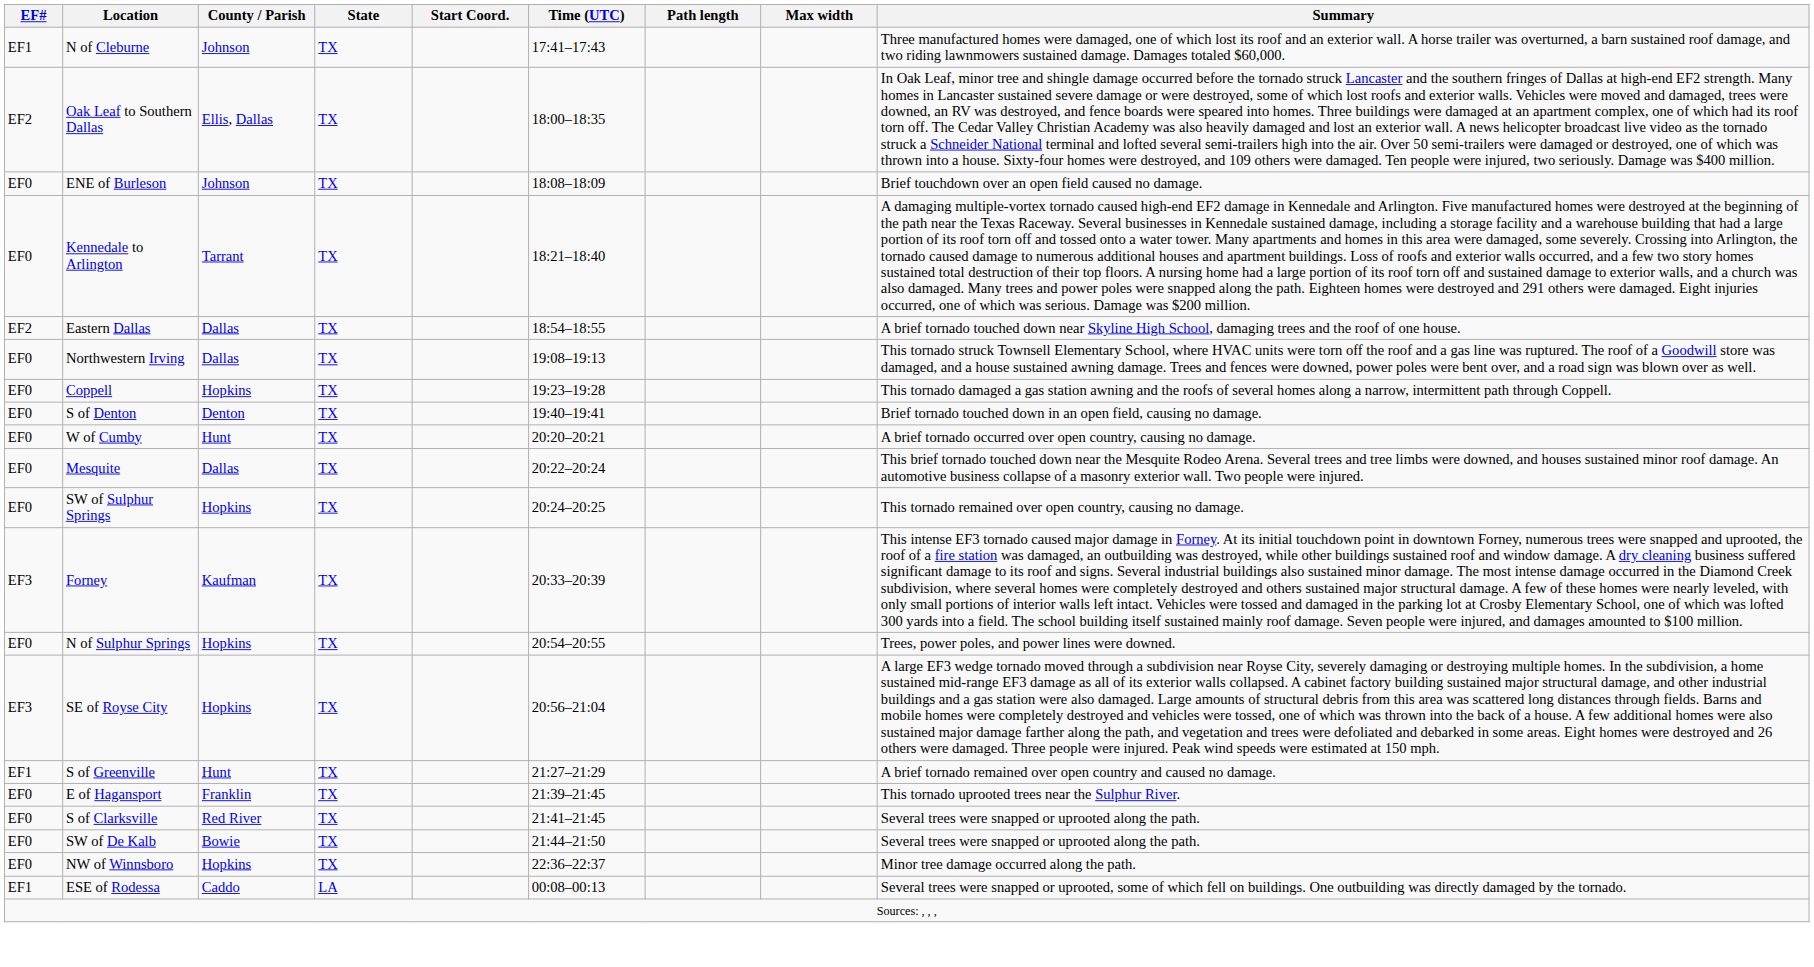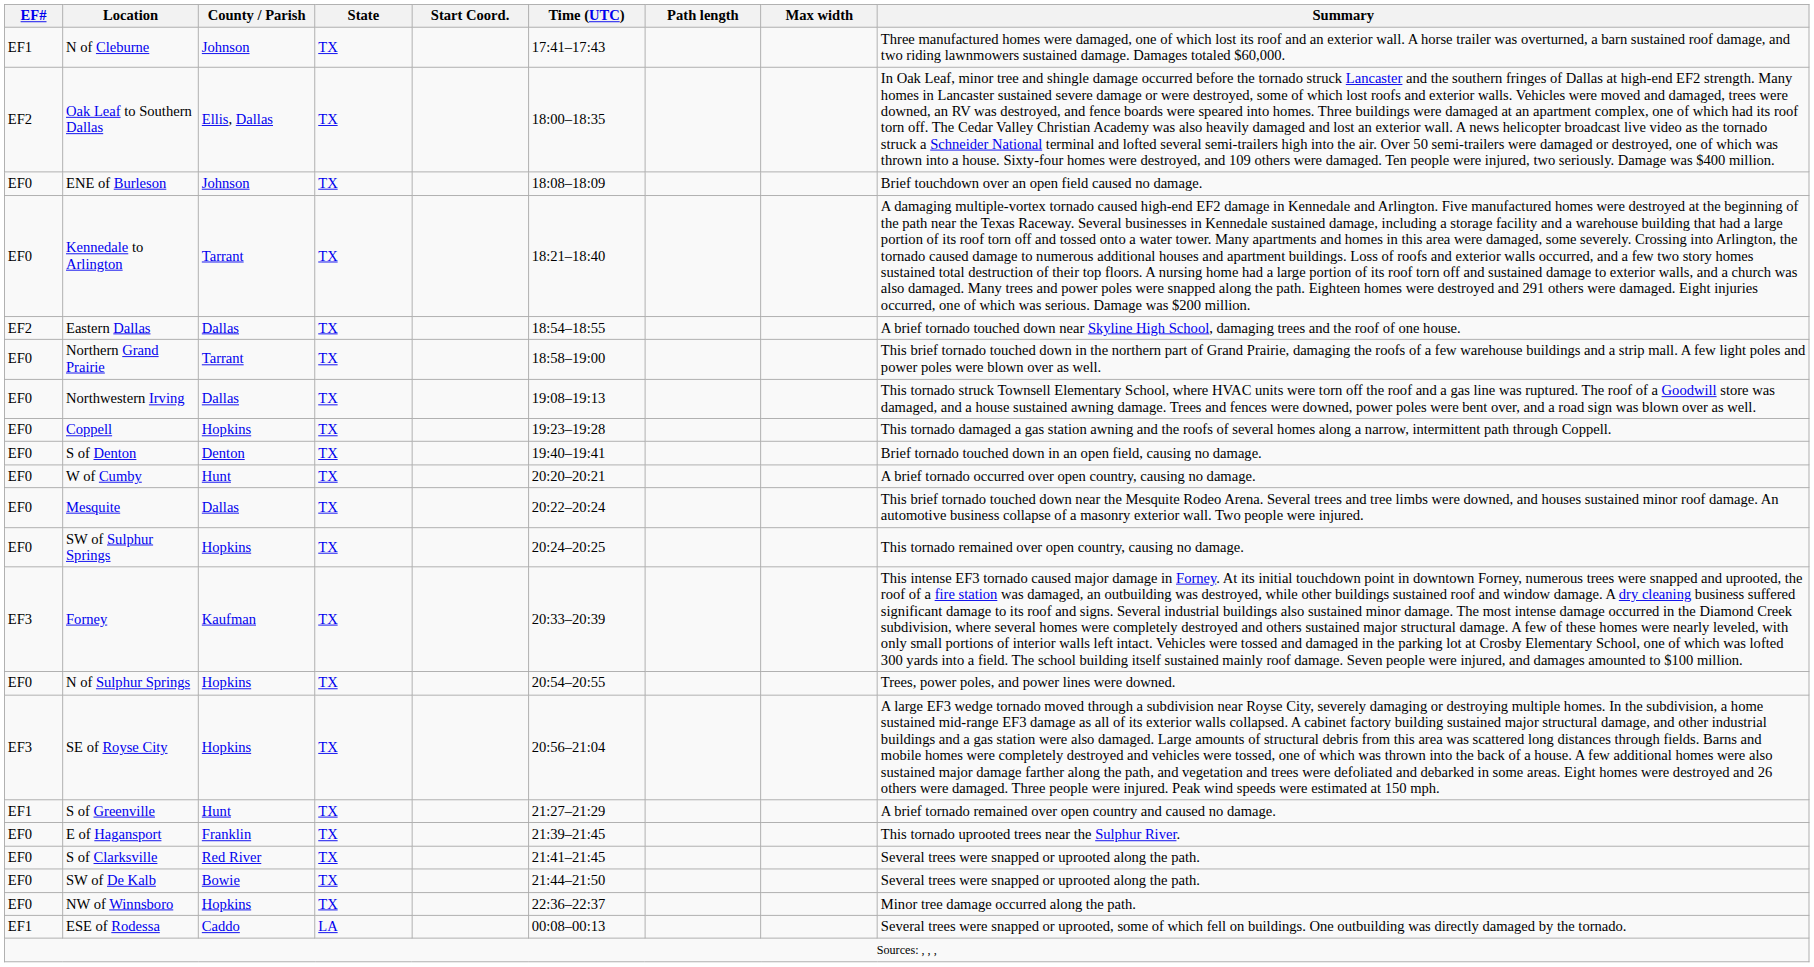 <table class="wikitable sortable" style="width:100%;">
 <tr>
 <th scope="col"  style="width:3%; text-align:center;"><a href='#'>EF#</a></th>
 <th scope="col"  style="width:7%; text-align:center;" class="unsortable">Location</th>
 <th scope="col"  style="width:6%; text-align:center;" class="unsortable">County / Parish</th>
 <th scope="col"  style="width:5%; text-align:center;">State</th>
 <th scope="col"  style="width:6%; text-align:center;">Start Coord.</th>
 <th scope="col"  style="width:6%; text-align:center;">Time (<a href='#'>UTC</a>)</th>
 <th scope="col"  style="width:6%; text-align:center;">Path length</th>
 <th scope="col"  style="width:6%; text-align:center;">Max width</th>
 <th scope="col" class="unsortable" style="width:48%; text-align:center;">Summary</th>
 </tr>
 <tr>
 <td>EF1</td>
 <td>N of <a href='#'>Cleburne</a></td>
 <td><a href='#'>Johnson</a></td>
 <td><a href='#'>TX</a></td>
 <td></td>
 <td>17:41–17:43</td>
 <td></td>
 <td></td>
 <td>Three manufactured homes were damaged, one of which lost its roof and an exterior wall. A horse trailer was overturned, a barn sustained roof damage, and two riding lawnmowers sustained damage. Damages totaled $60,000.</td>
 </tr>
 <tr>
 <td>EF2</td>
 <td><a href='#'>Oak Leaf</a> to Southern <a href='#'>Dallas</a></td>
 <td><a href='#'>Ellis</a>, <a href='#'>Dallas</a></td>
 <td><a href='#'>TX</a></td>
 <td></td>
 <td>18:00–18:35</td>
 <td></td>
 <td></td>
 <td>In Oak Leaf, minor tree and shingle damage occurred before the tornado struck <a href='#'>Lancaster</a> and the southern fringes of Dallas at high-end EF2 strength. Many homes in Lancaster sustained severe damage or were destroyed, some of which lost roofs and exterior walls. Vehicles were moved and damaged, trees were downed, an RV was destroyed, and fence boards were speared into homes. Three buildings were damaged at an apartment complex, one of which had its roof torn off. The Cedar Valley Christian Academy was also heavily damaged and lost an exterior wall. A news helicopter broadcast live video as the tornado struck a <a href='#'>Schneider National</a> terminal and lofted several semi-trailers high into the air. Over 50 semi-trailers were damaged or destroyed, one of which was thrown into a house. Sixty-four homes were destroyed, and 109 others were damaged. Ten people were injured, two seriously. Damage was $400 million.</td>
 </tr>
 <tr>
 <td>EF0</td>
 <td>ENE of <a href='#'>Burleson</a></td>
 <td><a href='#'>Johnson</a></td>
 <td><a href='#'>TX</a></td>
 <td></td>
 <td>18:08–18:09</td>
 <td></td>
 <td></td>
 <td>Brief touchdown over an open field caused no damage.</td>
 </tr>
 <tr>
 <td>EF0</td>
 <td><a href='#'>Kennedale</a> to <a href='#'>Arlington</a></td>
 <td><a href='#'>Tarrant</a></td>
 <td><a href='#'>TX</a></td>
 <td></td>
 <td>18:21–18:40</td>
 <td></td>
 <td></td>
 <td>A damaging multiple-vortex tornado caused high-end EF2 damage in Kennedale and Arlington. Five manufactured homes were destroyed at the beginning of the path near the Texas Raceway. Several businesses in Kennedale sustained damage, including a storage facility and a warehouse building that had a large portion of its roof torn off and tossed onto a water tower. Many apartments and homes in this area were damaged, some severely. Crossing into Arlington, the tornado caused damage to numerous additional houses and apartment buildings. Loss of roofs and exterior walls occurred, and a few two story homes sustained total destruction of their top floors. A nursing home had a large portion of its roof torn off and sustained damage to exterior walls, and a church was also damaged. Many trees and power poles were snapped along the path. Eighteen homes were destroyed and 291 others were damaged. Eight injuries occurred, one of which was serious. Damage was $200 million.</td>
 </tr>
 <tr>
 <td>EF2</td>
 <td>Eastern <a href='#'>Dallas</a></td>
 <td><a href='#'>Dallas</a></td>
 <td><a href='#'>TX</a></td>
 <td></td>
 <td>18:54–18:55</td>
 <td></td>
 <td></td>
 <td>A brief tornado touched down near <a href='#'>Skyline High School</a>, damaging trees and the roof of one house.</td>
+</tr>
+<tr>
+<td>EF0</td>
+<td>Northern <a href='#'>Grand Prairie</a></td>
+<td><a href='#'>Tarrant</a></td>
+<td><a href='#'>TX</a></td>
+<td></td>
+<td>18:58–19:00</td>
+<td></td>
+<td></td>
+<td>This brief tornado touched down in the northern part of Grand Prairie, damaging the roofs of a few warehouse buildings and a strip mall. A few light poles and power poles were blown over as well.</td>
 </tr>
 <tr>
 <td>EF0</td>
 <td>Northwestern <a href='#'>Irving</a></td>
 <td><a href='#'>Dallas</a></td>
 <td><a href='#'>TX</a></td>
 <td></td>
 <td>19:08–19:13</td>
 <td></td>
 <td></td>
 <td>This tornado struck Townsell Elementary School, where HVAC units were torn off the roof and a gas line was ruptured. The roof of a <a href='#'>Goodwill</a> store was damaged, and a house sustained awning damage. Trees and fences were downed, power poles were bent over, and a road sign was blown over as well.</td>
 </tr>
 <tr>
 <td>EF0</td>
 <td><a href='#'>Coppell</a></td>
 <td><a href='#'>Hopkins</a></td>
 <td><a href='#'>TX</a></td>
 <td></td>
 <td>19:23–19:28</td>
 <td></td>
 <td></td>
 <td>This tornado damaged a gas station awning and the roofs of several homes along a narrow, intermittent path through Coppell.</td>
 </tr>
 <tr>
 <td>EF0</td>
 <td>S of <a href='#'>Denton</a></td>
 <td><a href='#'>Denton</a></td>
 <td><a href='#'>TX</a></td>
 <td></td>
 <td>19:40–19:41</td>
 <td></td>
 <td></td>
 <td>Brief tornado touched down in an open field, causing no damage.</td>
 </tr>
 <tr>
 <td>EF0</td>
 <td>W of <a href='#'>Cumby</a></td>
 <td><a href='#'>Hunt</a></td>
 <td><a href='#'>TX</a></td>
 <td></td>
 <td>20:20–20:21</td>
 <td></td>
 <td></td>
 <td>A brief tornado occurred over open country, causing no damage.</td>
 </tr>
 <tr>
 <td>EF0</td>
 <td><a href='#'>Mesquite</a></td>
 <td><a href='#'>Dallas</a></td>
 <td><a href='#'>TX</a></td>
 <td></td>
 <td>20:22–20:24</td>
 <td></td>
 <td></td>
 <td>This brief tornado touched down near the Mesquite Rodeo Arena. Several trees and tree limbs were downed, and houses sustained minor roof damage. An automotive business collapse of a masonry exterior wall. Two people were injured.</td>
 </tr>
 <tr>
 <td>EF0</td>
 <td>SW of <a href='#'>Sulphur Springs</a></td>
 <td><a href='#'>Hopkins</a></td>
 <td><a href='#'>TX</a></td>
 <td></td>
 <td>20:24–20:25</td>
 <td></td>
 <td></td>
 <td>This tornado remained over open country, causing no damage.</td>
 </tr>
 <tr>
 <td>EF3</td>
 <td><a href='#'>Forney</a></td>
 <td><a href='#'>Kaufman</a></td>
 <td><a href='#'>TX</a></td>
 <td></td>
 <td>20:33–20:39</td>
 <td></td>
 <td></td>
 <td>This intense EF3 tornado caused major damage in <a href='#'>Forney</a>. At its initial touchdown point in downtown Forney, numerous trees were snapped and uprooted, the roof of a <a href='#'>fire station</a> was damaged, an outbuilding was destroyed, while other buildings sustained roof and window damage. A <a href='#'>dry cleaning</a> business suffered significant damage to its roof and signs. Several industrial buildings also sustained minor damage. The most intense damage occurred in the Diamond Creek subdivision, where several homes were completely destroyed and others sustained major structural damage. A few of these homes were nearly leveled, with only small portions of interior walls left intact. Vehicles were tossed and damaged in the parking lot at Crosby Elementary School, one of which was lofted 300 yards into a field. The school building itself sustained mainly roof damage. Seven people were injured, and damages amounted to $100 million.</td>
 </tr>
 <tr>
 <td>EF0</td>
 <td>N of <a href='#'>Sulphur Springs</a></td>
 <td><a href='#'>Hopkins</a></td>
 <td><a href='#'>TX</a></td>
 <td></td>
 <td>20:54–20:55</td>
 <td></td>
 <td></td>
 <td>Trees, power poles, and power lines were downed.</td>
 </tr>
 <tr>
 <td>EF3</td>
 <td>SE of <a href='#'>Royse City</a></td>
 <td><a href='#'>Hopkins</a></td>
 <td><a href='#'>TX</a></td>
 <td></td>
 <td>20:56–21:04</td>
 <td></td>
 <td></td>
 <td>A large EF3 wedge tornado moved through a subdivision near Royse City, severely damaging or destroying multiple homes. In the subdivision, a home sustained mid-range EF3 damage as all of its exterior walls collapsed. A cabinet factory building sustained major structural damage, and other industrial buildings and a gas station were also damaged. Large amounts of structural debris from this area was scattered long distances through fields. Barns and mobile homes were completely destroyed and vehicles were tossed, one of which was thrown into the back of a house. A few additional homes were also sustained major damage farther along the path, and vegetation and trees were defoliated and debarked in some areas. Eight homes were destroyed and 26 others were damaged. Three people were injured. Peak wind speeds were estimated at 150 mph.</td>
 </tr>
 <tr>
 <td>EF1</td>
 <td>S of <a href='#'>Greenville</a></td>
 <td><a href='#'>Hunt</a></td>
 <td><a href='#'>TX</a></td>
 <td></td>
 <td>21:27–21:29</td>
 <td></td>
 <td></td>
 <td>A brief tornado remained over open country and caused no damage.</td>
 </tr>
 <tr>
 <td>EF0</td>
 <td>E of <a href='#'>Hagansport</a></td>
 <td><a href='#'>Franklin</a></td>
 <td><a href='#'>TX</a></td>
 <td></td>
 <td>21:39–21:45</td>
 <td></td>
 <td></td>
 <td>This tornado uprooted trees near the <a href='#'>Sulphur River</a>.</td>
 </tr>
 <tr>
 <td>EF0</td>
 <td>S of <a href='#'>Clarksville</a></td>
 <td><a href='#'>Red River</a></td>
 <td><a href='#'>TX</a></td>
 <td></td>
 <td>21:41–21:45</td>
 <td></td>
 <td></td>
 <td>Several trees were snapped or uprooted along the path.</td>
 </tr>
 <tr>
 <td>EF0</td>
 <td>SW of <a href='#'>De Kalb</a></td>
 <td><a href='#'>Bowie</a></td>
 <td><a href='#'>TX</a></td>
 <td></td>
 <td>21:44–21:50</td>
 <td></td>
 <td></td>
 <td>Several trees were snapped or uprooted along the path.</td>
 </tr>
 <tr>
 <td>EF0</td>
 <td>NW of <a href='#'>Winnsboro</a></td>
 <td><a href='#'>Hopkins</a></td>
 <td><a href='#'>TX</a></td>
 <td></td>
 <td>22:36–22:37</td>
 <td></td>
 <td></td>
 <td>Minor tree damage occurred along the path.</td>
 </tr>
 <tr>
 <td>EF1</td>
 <td>ESE of <a href='#'>Rodessa</a></td>
 <td><a href='#'>Caddo</a></td>
 <td><a href='#'>LA</a></td>
 <td></td>
 <td>00:08–00:13</td>
 <td></td>
 <td></td>
 <td>Several trees were snapped or uprooted, some of which fell on buildings. One outbuilding was directly damaged by the tornado.</td>
 </tr>
 <tr>
 <td colspan="9" align=center><small>Sources: , , , </small></td>
 </tr>
 </table>
